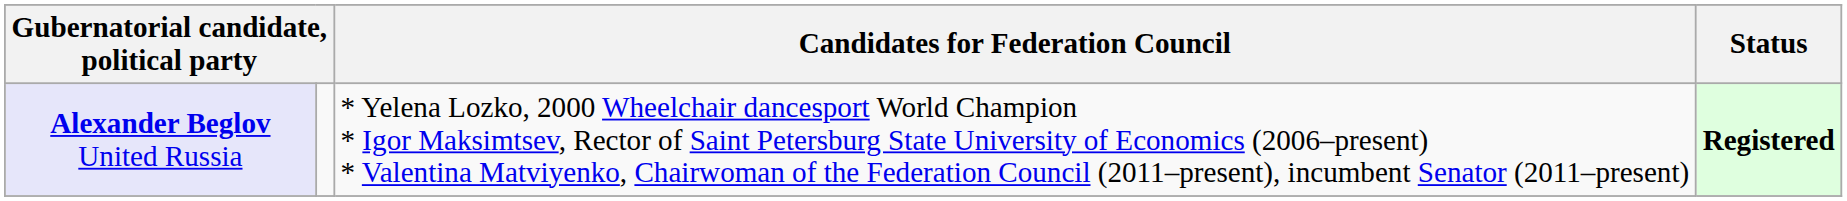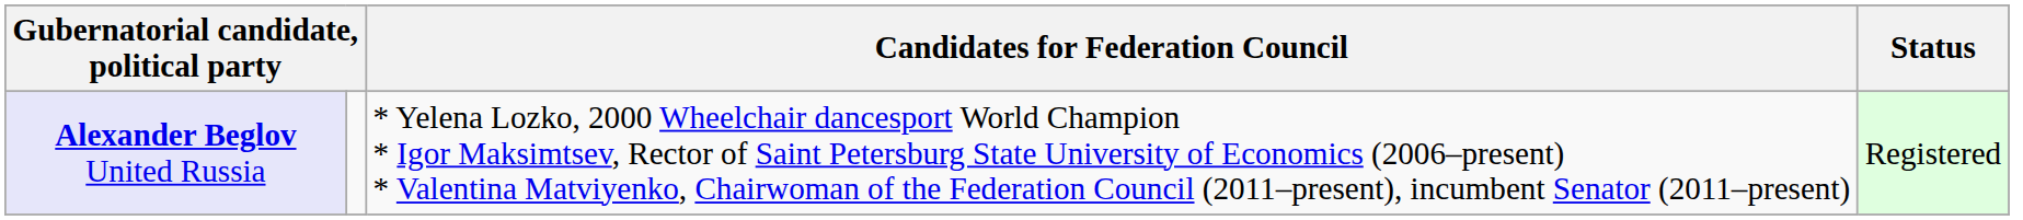 <table class="wikitable" style="text-align:center;">
 <tr>
 <th colspan="2">Gubernatorial candidate,<br>political party</th>
 <th>Candidates for Federation Council</th>
 <th>Status</th>
 </tr>
 <tr>
 <td style="background:lavender;"><strong><a href='#'>Alexander Beglov</a></strong><br><a href='#'>United Russia</a></td>
 <td style="background-color:"></td>
 <td align=left>* Yelena Lozko, 2000 <a href='#'>Wheelchair dancesport</a> World Champion<br> * <a href='#'>Igor Maksimtsev</a>, Rector of <a href='#'>Saint Petersburg State University of Economics</a> (2006–present)<br> * <a href='#'>Valentina Matviyenko</a>, <a href='#'>Chairwoman of the Federation Council</a> (2011–present), incumbent <a href='#'>Senator</a> (2011–present)</td>
-<td bgcolor="#DFFFDF"><strong>Registered</strong></td>
+<td bgcolor="#DFFFDF">Registered</td>
 </tr>
 </table>
